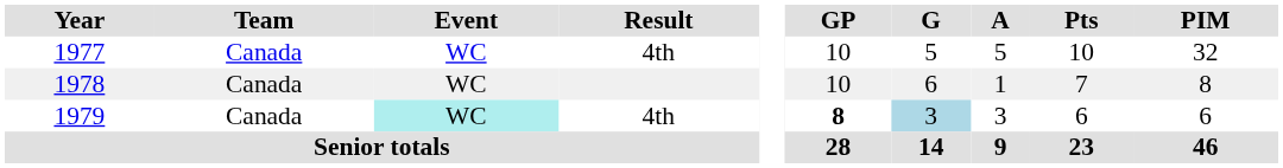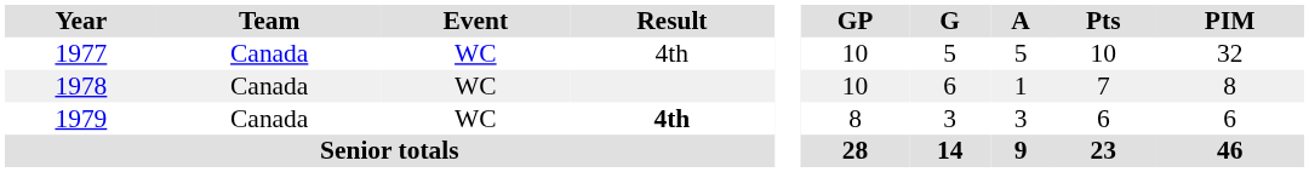 <table border="0" cellpadding="1" cellspacing="0" style="text-align:center; width:50em">
 <tr ALIGN="center" bgcolor="#e0e0e0">
 <th>Year</th>
 <th>Team</th>
 <th>Event</th>
 <th>Result</th>
 <th rowspan="99" bgcolor="#ffffff"> </th>
 <th>GP</th>
 <th>G</th>
 <th>A</th>
 <th>Pts</th>
 <th>PIM</th>
 </tr>
 <tr>
 <td><a href='#'>1977</a></td>
 <td><a href='#'>Canada</a></td>
 <td><a href='#'>WC</a></td>
 <td>4th</td>
 <td>10</td>
 <td>5</td>
 <td>5</td>
 <td>10</td>
 <td>32</td>
 </tr>
 <tr bgcolor="#f0f0f0">
 <td><a href='#'>1978</a></td>
 <td>Canada</td>
 <td>WC</td>
 <td></td>
 <td>10</td>
 <td>6</td>
 <td>1</td>
 <td>7</td>
 <td>8</td>
 </tr>
 <tr>
 <td><a href='#'>1979</a></td>
 <td>Canada</td>
-<td style="background: paleturquoise;">WC</td>
-<td>4th</td>
-<td><strong>8</strong></td>
-<td style="background: lightblue;">3</td>
+<td>WC</td>
+<td><strong>4th</strong></td>
+<td>8</td>
+<td>3</td>
 <td>3</td>
 <td>6</td>
 <td>6</td>
 </tr>
 <tr bgcolor="#e0e0e0">
 <th colspan=4>Senior totals</th>
 <th>28</th>
 <th>14</th>
 <th>9</th>
 <th>23</th>
 <th>46</th>
 </tr>
 </table>
